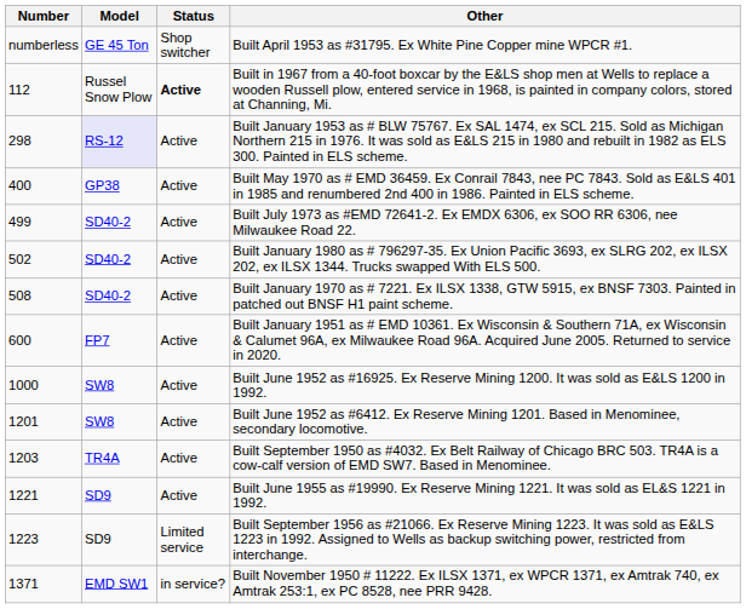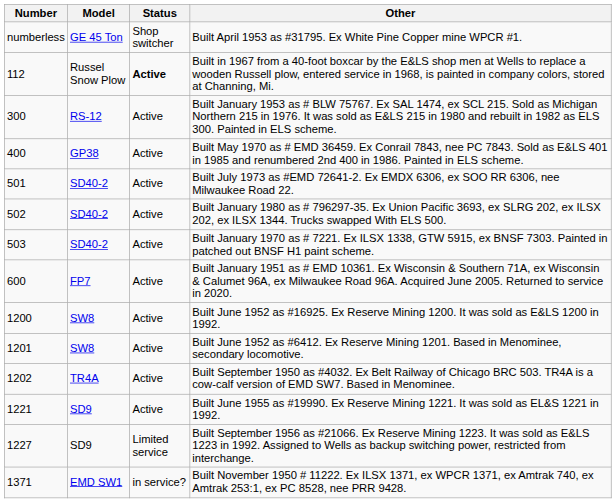 <table class="wikitable">
 <tr>
 <th>Number</th>
 <th>Model</th>
 <th>Status</th>
 <th>Other</th>
 </tr>
 <tr>
 <td>numberless</td>
 <td><a href='#'>GE 45 Ton</a></td>
 <td>Shop switcher</td>
 <td>Built April 1953 as #31795. Ex White Pine Copper mine WPCR #1.</td>
 </tr>
 <tr>
 <td>112</td>
 <td>Russel Snow Plow</td>
 <td><strong>Active</strong></td>
 <td>Built in 1967 from a 40-foot boxcar by the E&LS shop men at Wells to replace a wooden Russell plow, entered service in 1968, is painted in company colors, stored at Channing, Mi.</td>
 </tr>
 <tr>
-<td>298</td>
-<td style="background: lavender;"><a href='#'>RS-12</a></td>
+<td>300</td>
+<td><a href='#'>RS-12</a></td>
 <td>Active</td>
 <td>Built January 1953 as # BLW 75767. Ex SAL 1474, ex SCL 215. Sold as Michigan Northern 215 in 1976. It was sold as E&LS 215 in 1980 and rebuilt in 1982 as ELS 300. Painted in ELS scheme.</td>
 </tr>
 <tr>
 <td>400</td>
 <td><a href='#'>GP38</a></td>
 <td>Active</td>
 <td>Built May 1970 as # EMD 36459. Ex Conrail 7843, nee PC 7843. Sold as E&LS 401 in 1985 and renumbered 2nd 400 in 1986. Painted in ELS scheme.</td>
 </tr>
 <tr>
-<td>499</td>
+<td>501</td>
 <td><a href='#'>SD40-2</a></td>
 <td>Active</td>
 <td>Built July 1973 as #EMD 72641-2. Ex EMDX 6306, ex SOO RR 6306, nee Milwaukee Road 22.</td>
 </tr>
 <tr>
 <td>502</td>
 <td><a href='#'>SD40-2</a></td>
 <td>Active</td>
 <td>Built January 1980 as # 796297-35. Ex Union Pacific 3693, ex SLRG 202, ex ILSX 202, ex ILSX 1344. Trucks swapped With ELS 500.</td>
 </tr>
 <tr>
-<td>508</td>
+<td>503</td>
 <td><a href='#'>SD40-2</a></td>
 <td>Active</td>
 <td>Built January 1970 as # 7221. Ex ILSX 1338, GTW 5915, ex BNSF 7303. Painted in patched out BNSF H1 paint scheme.</td>
 </tr>
 <tr>
 <td>600</td>
 <td><a href='#'>FP7</a></td>
 <td>Active</td>
 <td>Built January 1951 as # EMD 10361. Ex Wisconsin & Southern 71A, ex Wisconsin & Calumet 96A, ex Milwaukee Road 96A. Acquired June 2005. Returned to service in 2020.</td>
 </tr>
 <tr>
-<td>1000</td>
+<td>1200</td>
 <td><a href='#'>SW8</a></td>
 <td>Active</td>
 <td>Built June 1952 as #16925. Ex Reserve Mining 1200. It was sold as E&LS 1200 in 1992.</td>
 </tr>
 <tr>
 <td>1201</td>
 <td><a href='#'>SW8</a></td>
 <td>Active</td>
 <td>Built June 1952 as #6412. Ex Reserve Mining 1201. Based in Menominee, secondary locomotive.</td>
 </tr>
 <tr>
-<td>1203</td>
+<td>1202</td>
 <td><a href='#'>TR4A</a></td>
 <td>Active</td>
 <td>Built September 1950 as #4032. Ex Belt Railway of Chicago BRC 503. TR4A is a cow-calf version of EMD SW7. Based in Menominee.</td>
 </tr>
 <tr>
 <td>1221</td>
 <td><a href='#'>SD9</a></td>
 <td>Active</td>
 <td>Built June 1955 as #19990. Ex Reserve Mining 1221. It was sold as EL&S 1221 in 1992.</td>
 </tr>
 <tr>
-<td>1223</td>
+<td>1227</td>
 <td EMD SD9>SD9</td>
 <td>Limited service</td>
 <td>Built September 1956 as #21066. Ex Reserve Mining 1223. It was sold as E&LS 1223 in 1992. Assigned to Wells as backup switching power, restricted from interchange.</td>
 </tr>
 <tr>
 <td>1371</td>
 <td><a href='#'>EMD SW1</a></td>
 <td>in service?</td>
 <td>Built November 1950 # 11222. Ex ILSX 1371, ex WPCR 1371, ex Amtrak 740, ex Amtrak 253:1, ex PC 8528, nee PRR 9428.</td>
 </tr>
 </table>
